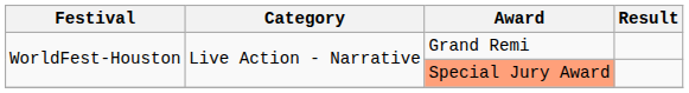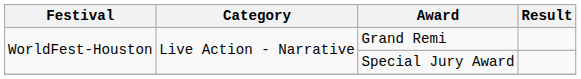 <table class="wikitable">
 <tr>
 <th>Festival</th>
 <th>Category</th>
 <th>Award</th>
 <th>Result</th>
 </tr>
 <tr>
 <td rowspan=2>WorldFest-Houston<br></td>
 <td rowspan=2>Live Action - Narrative</td>
 <td>Grand Remi</td>
 <td></td>
 </tr>
 <tr>
-<td style="background: lightsalmon;">Special Jury Award</td>
+<td>Special Jury Award</td>
 <td></td>
 </tr>
 <tr>
 </tr>
 </table>
